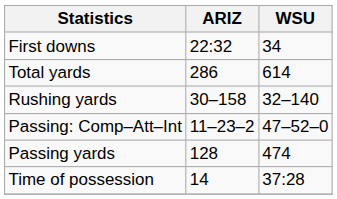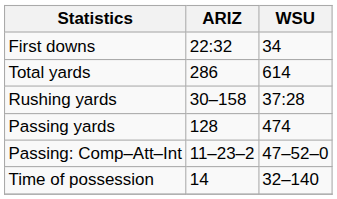 <table class="wikitable" style="float: left;">
 <tr>
 <th>Statistics</th>
 <th>ARIZ</th>
 <th>WSU</th>
 </tr>
 <tr>
 <td>First downs</td>
 <td>22:32</td>
 <td>34</td>
 </tr>
 <tr>
 <td>Total yards</td>
 <td>286</td>
 <td>614</td>
 </tr>
 <tr>
 <td>Rushing yards</td>
 <td>30–158</td>
-<td>32–140</td>
+<td>37:28</td>
+</tr>
+<tr>
+<td>Passing yards</td>
+<td>128</td>
+<td>474</td>
 </tr>
 <tr>
 <td>Passing: Comp–Att–Int</td>
 <td>11–23–2</td>
 <td>47–52–0</td>
 </tr>
 <tr>
-<td>Passing yards</td>
-<td>128</td>
-<td>474</td>
-</tr>
-<tr>
 <td>Time of possession</td>
 <td>14</td>
-<td>37:28</td>
+<td>32–140</td>
 </tr>
 <tr>
 </tr>
 </table>
